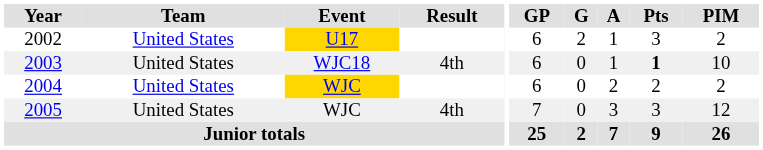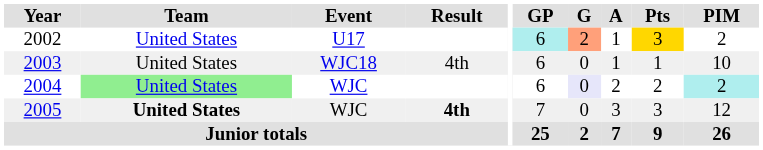 <table border="0" cellpadding="1" cellspacing="0" ID="Table3" style="text-align:center; width:40em">
 <tr ALIGN="center" bgcolor="#e0e0e0">
 <th>Year</th>
 <th>Team</th>
 <th>Event</th>
 <th>Result</th>
 <th rowspan="99" bgcolor="#ffffff"></th>
 <th>GP</th>
 <th>G</th>
 <th>A</th>
 <th>Pts</th>
 <th>PIM</th>
 </tr>
 <tr>
 <td>2002</td>
 <td><a href='#'>United States</a></td>
-<td style="background: gold;"><a href='#'>U17</a></td>
+<td><a href='#'>U17</a></td>
 <td></td>
-<td>6</td>
-<td>2</td>
+<td style="background: paleturquoise;">6</td>
+<td style="background: lightsalmon;">2</td>
 <td>1</td>
-<td>3</td>
+<td style="background: gold;">3</td>
 <td>2</td>
 </tr>
 <tr bgcolor="#f0f0f0">
 <td><a href='#'>2003</a></td>
 <td>United States</td>
 <td><a href='#'>WJC18</a></td>
 <td>4th</td>
 <td>6</td>
 <td>0</td>
 <td>1</td>
-<td><strong>1</strong></td>
+<td>1</td>
 <td>10</td>
 </tr>
 <tr>
 <td><a href='#'>2004</a></td>
-<td><a href='#'>United States</a></td>
-<td style="background: gold;"><a href='#'>WJC</a></td>
+<td style="background: lightgreen;"><a href='#'>United States</a></td>
+<td><a href='#'>WJC</a></td>
 <td></td>
 <td>6</td>
-<td>0</td>
+<td style="background: lavender;">0</td>
 <td>2</td>
 <td>2</td>
-<td>2</td>
+<td style="background: paleturquoise;">2</td>
 </tr>
 <tr bgcolor="#f0f0f0">
 <td><a href='#'>2005</a></td>
-<td>United States</td>
+<td><strong>United States</strong></td>
 <td>WJC</td>
-<td>4th</td>
+<td><strong>4th</strong></td>
 <td>7</td>
 <td>0</td>
 <td>3</td>
 <td>3</td>
 <td>12</td>
 </tr>
 <tr bgcolor="#e0e0e0">
 <th colspan="4">Junior totals</th>
 <th>25</th>
 <th>2</th>
 <th>7</th>
 <th>9</th>
 <th>26</th>
 </tr>
 </table>
